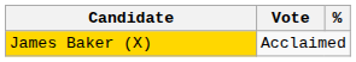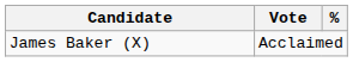 <table class="wikitable">
 <tr>
 <th bgcolor="#DDDDFF" width="200px">Candidate</th>
 <th bgcolor="#DDDDFF">Vote</th>
 <th bgcolor="#DDDDFF">%</th>
 </tr>
 <tr>
-<td style="background: gold;">James Baker (X)</td>
+<td>James Baker (X)</td>
 <td colspan="2">Acclaimed</td>
 </tr>
 </table>
